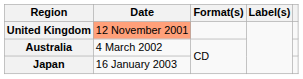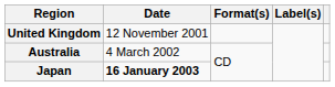 <table class="wikitable plainrowheaders">
 <tr>
 <th scope="col">Region</th>
 <th scope="col">Date</th>
 <th scope="col">Format(s)</th>
 <th scope="col">Label(s)</th>
 <th scope="col"></th>
 </tr>
 <tr>
 <th scope="row">United Kingdom</th>
-<td style="background: lightsalmon;">12 November 2001</td>
+<td>12 November 2001</td>
 <td></td>
 <td rowspan="3"></td>
 <td></td>
 </tr>
 <tr>
 <th scope="row">Australia</th>
 <td>4 March 2002</td>
 <td rowspan="2">CD</td>
 <td></td>
 </tr>
 <tr>
 <th scope="row">Japan</th>
-<td>16 January 2003</td>
+<td><strong>16 January 2003</strong></td>
 <td></td>
 </tr>
 </table>
